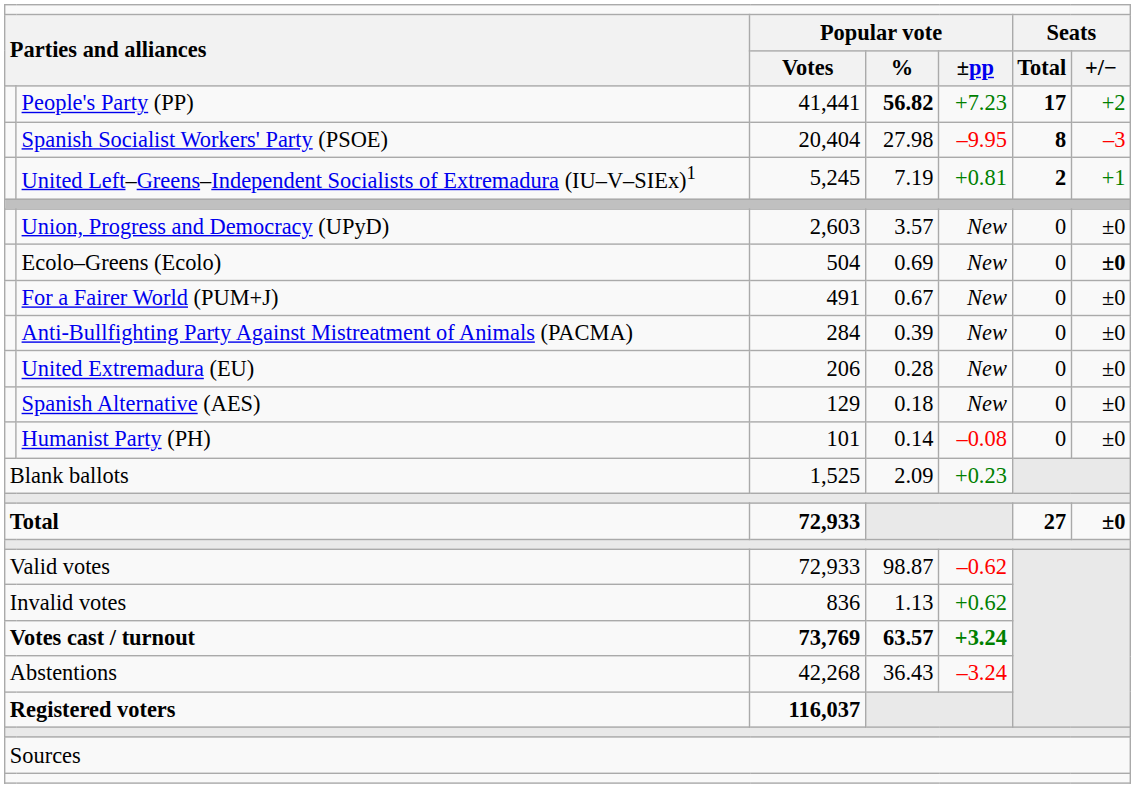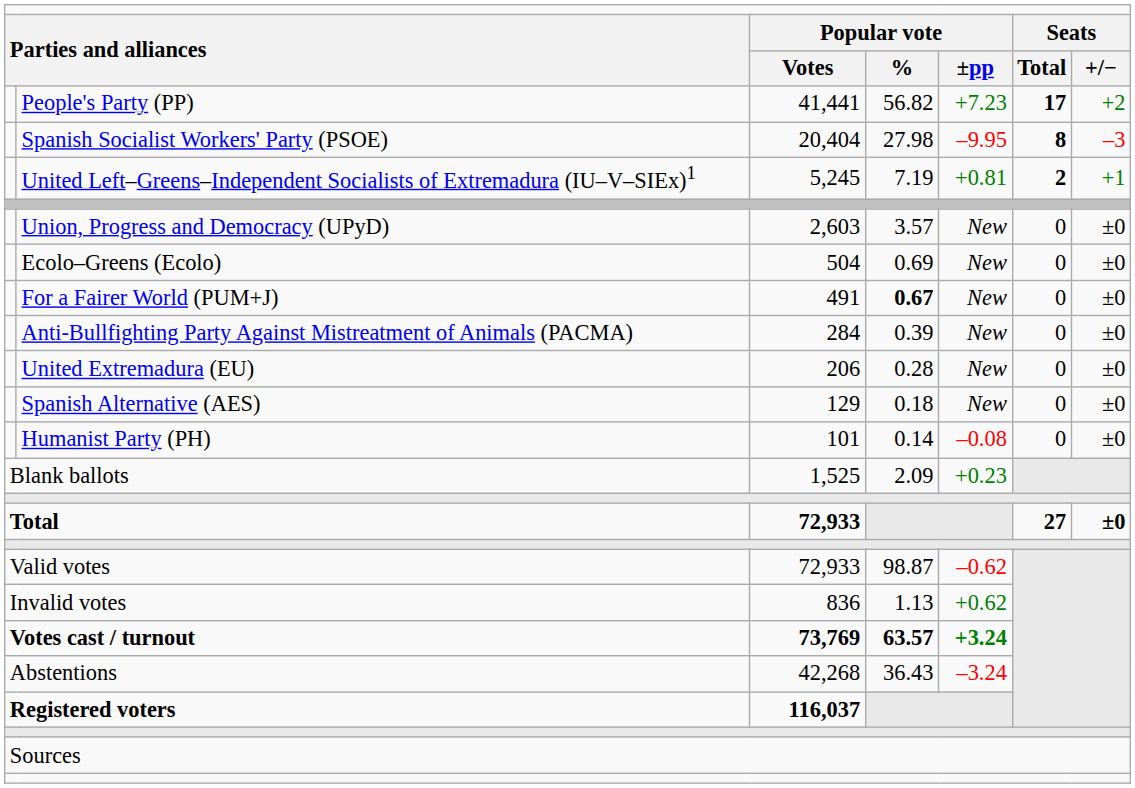 <table class="wikitable" style="text-align:right;">
 <tr>
 <td colspan="7"></td>
 </tr>
 <tr>
 <th style="text-align:left;" rowspan="2" colspan="2" width="525">Parties and alliances</th>
 <th colspan="3">Popular vote</th>
 <th colspan="2">Seats</th>
 </tr>
 <tr>
 <th width="75">Votes</th>
 <th width="45">%</th>
 <th width="45">±<a href='#'>pp</a></th>
 <th width="35">Total</th>
 <th width="35">+/−</th>
 </tr>
 <tr>
 <td width="1" style="color:inherit;background:"></td>
 <td align="left"><a href='#'>People's Party</a> (PP)</td>
 <td>41,441</td>
-<td><strong>56.82</strong></td>
+<td>56.82</td>
 <td style="color:green;">+7.23</td>
 <td><strong>17</strong></td>
 <td style="color:green;">+2</td>
 </tr>
 <tr>
 <td style="color:inherit;background:"></td>
 <td align="left"><a href='#'>Spanish Socialist Workers' Party</a> (PSOE)</td>
 <td>20,404</td>
 <td>27.98</td>
 <td style="color:red;">–9.95</td>
 <td><strong>8</strong></td>
 <td style="color:red;">–3</td>
 </tr>
 <tr>
 <td style="color:inherit;background:"></td>
 <td align="left"><a href='#'>United Left</a>–<a href='#'>Greens</a>–<a href='#'>Independent Socialists of Extremadura</a> (IU–V–SIEx)<sup>1</sup></td>
 <td>5,245</td>
 <td>7.19</td>
 <td style="color:green;">+0.81</td>
 <td><strong>2</strong></td>
 <td style="color:green;">+1</td>
 </tr>
 <tr>
 <td colspan="7" bgcolor="#C0C0C0"></td>
 </tr>
 <tr>
 <td style="color:inherit;background:"></td>
 <td align="left"><a href='#'>Union, Progress and Democracy</a> (UPyD)</td>
 <td>2,603</td>
 <td>3.57</td>
 <td><em>New</em></td>
 <td>0</td>
 <td>±0</td>
 </tr>
 <tr>
 <td style="color:inherit;background:"></td>
 <td align="left">Ecolo–Greens (Ecolo)</td>
 <td>504</td>
 <td>0.69</td>
 <td><em>New</em></td>
 <td>0</td>
-<td><strong>±0</strong></td>
+<td>±0</td>
 </tr>
 <tr>
 <td style="color:inherit;background:"></td>
 <td align="left"><a href='#'>For a Fairer World</a> (PUM+J)</td>
 <td>491</td>
-<td>0.67</td>
+<td><strong>0.67</strong></td>
 <td><em>New</em></td>
 <td>0</td>
 <td>±0</td>
 </tr>
 <tr>
 <td style="color:inherit;background:"></td>
 <td align="left"><a href='#'>Anti-Bullfighting Party Against Mistreatment of Animals</a> (PACMA)</td>
 <td>284</td>
 <td>0.39</td>
 <td><em>New</em></td>
 <td>0</td>
 <td>±0</td>
 </tr>
 <tr>
 <td style="color:inherit;background:"></td>
 <td align="left"><a href='#'>United Extremadura</a> (EU)</td>
 <td>206</td>
 <td>0.28</td>
 <td><em>New</em></td>
 <td>0</td>
 <td>±0</td>
 </tr>
 <tr>
 <td style="color:inherit;background:"></td>
 <td align="left"><a href='#'>Spanish Alternative</a> (AES)</td>
 <td>129</td>
 <td>0.18</td>
 <td><em>New</em></td>
 <td>0</td>
 <td>±0</td>
 </tr>
 <tr>
 <td style="color:inherit;background:"></td>
 <td align="left"><a href='#'>Humanist Party</a> (PH)</td>
 <td>101</td>
 <td>0.14</td>
 <td style="color:red;">–0.08</td>
 <td>0</td>
 <td>±0</td>
 </tr>
 <tr>
 <td align="left" colspan="2">Blank ballots</td>
 <td>1,525</td>
 <td>2.09</td>
 <td style="color:green;">+0.23</td>
 <td bgcolor="#E9E9E9" colspan="2"></td>
 </tr>
 <tr>
 <td colspan="7" bgcolor="#E9E9E9"></td>
 </tr>
 <tr style="font-weight:bold;">
 <td align="left" colspan="2">Total</td>
 <td>72,933</td>
 <td bgcolor="#E9E9E9" colspan="2"></td>
 <td>27</td>
 <td>±0</td>
 </tr>
 <tr>
 <td colspan="7" bgcolor="#E9E9E9"></td>
 </tr>
 <tr>
 <td align="left" colspan="2">Valid votes</td>
 <td>72,933</td>
 <td>98.87</td>
 <td style="color:red;">–0.62</td>
 <td bgcolor="#E9E9E9" colspan="2" rowspan="5"></td>
 </tr>
 <tr>
 <td align="left" colspan="2">Invalid votes</td>
 <td>836</td>
 <td>1.13</td>
 <td style="color:green;">+0.62</td>
 </tr>
 <tr style="font-weight:bold;">
 <td align="left" colspan="2">Votes cast / turnout</td>
 <td>73,769</td>
 <td>63.57</td>
 <td style="color:green;">+3.24</td>
 </tr>
 <tr>
 <td align="left" colspan="2">Abstentions</td>
 <td>42,268</td>
 <td>36.43</td>
 <td style="color:red;">–3.24</td>
 </tr>
 <tr style="font-weight:bold;">
 <td align="left" colspan="2">Registered voters</td>
 <td>116,037</td>
 <td bgcolor="#E9E9E9" colspan="2"></td>
 </tr>
 <tr>
 <td colspan="7" bgcolor="#E9E9E9"></td>
 </tr>
 <tr>
 <td align="left" colspan="7">Sources</td>
 </tr>
 <tr>
 <td colspan="7" style="text-align:left; max-width:790px;"></td>
 </tr>
 </table>
